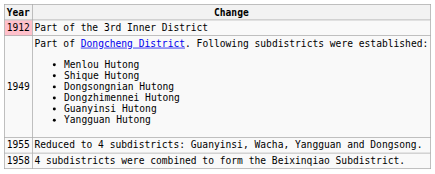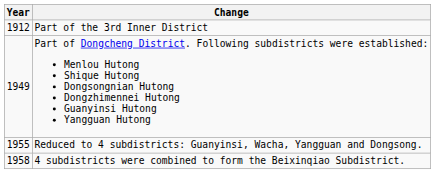 <table class="wikitable">
 <tr>
 <th>Year</th>
 <th>Change</th>
 </tr>
 <tr>
-<td style="background: pink;">1912</td>
+<td>1912</td>
 <td>Part of the 3rd Inner District</td>
 </tr>
 <tr>
 <td>1949</td>
 <td>Part of <a href='#'>Dongcheng District</a>. Following subdistricts were established:<br><ul><li>Menlou Hutong</li><li>Shique Hutong</li><li>Dongsongnian Hutong</li><li>Dongzhimennei Hutong</li><li>Guanyinsi Hutong</li><li>Yangguan Hutong</li></ul></td>
 </tr>
 <tr>
 <td>1955</td>
 <td>Reduced to 4 subdistricts:  Guanyinsi, Wacha, Yangguan and Dongsong.</td>
 </tr>
 <tr>
 <td>1958</td>
 <td>4 subdistricts were combined to form the Beixinqiao Subdistrict.</td>
 </tr>
 </table>
